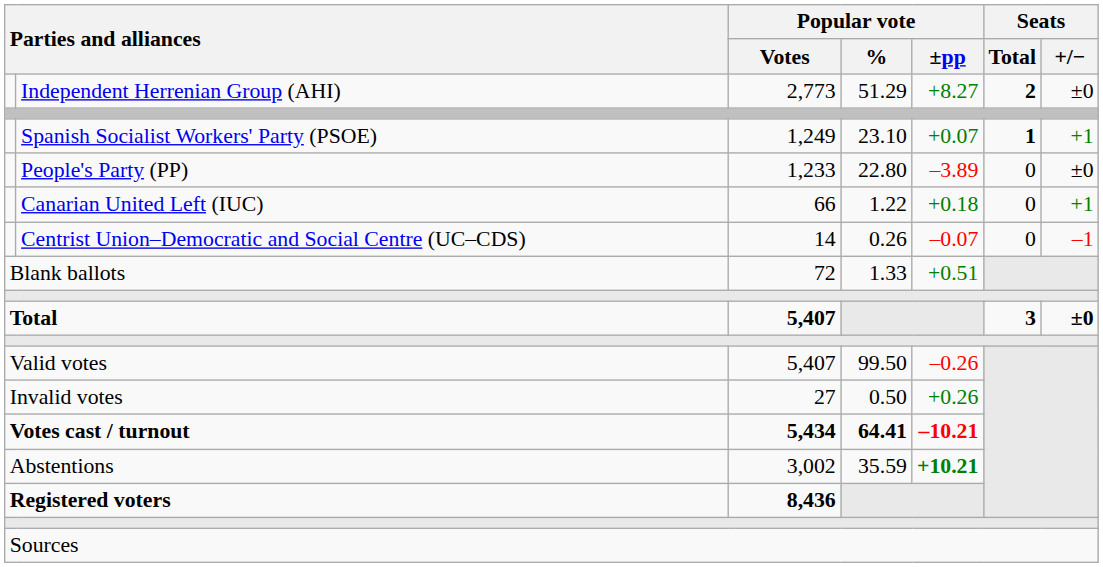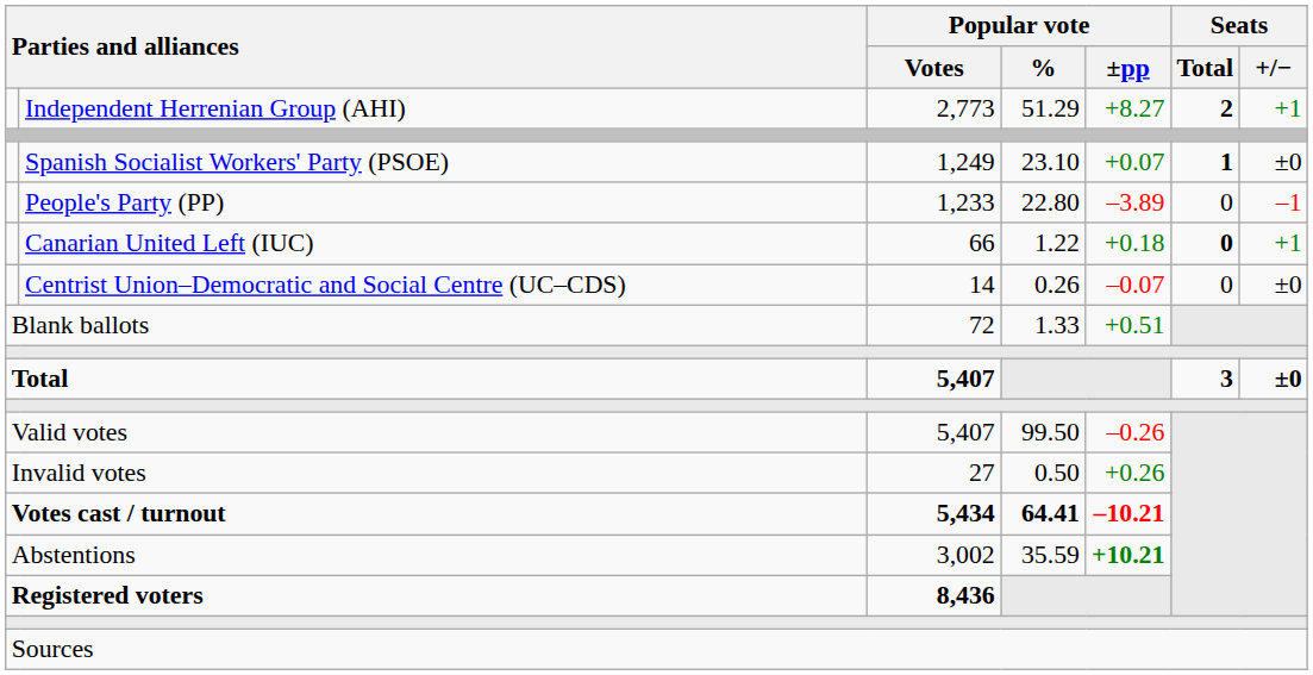 <table class="wikitable" style="text-align:right;">
 <tr>
 <th style="text-align:left;" rowspan="2" colspan="2" width="525">Parties and alliances</th>
 <th colspan="3">Popular vote</th>
 <th colspan="2">Seats</th>
 </tr>
 <tr>
 <th width="75">Votes</th>
 <th width="45">%</th>
 <th width="45">±<a href='#'>pp</a></th>
 <th width="35">Total</th>
 <th width="35">+/−</th>
 </tr>
 <tr>
 <td width="1" style="color:inherit;background:"></td>
 <td align="left"><a href='#'>Independent Herrenian Group</a> (AHI)</td>
 <td>2,773</td>
 <td>51.29</td>
 <td style="color:green;">+8.27</td>
 <td><strong>2</strong></td>
-<td>±0</td>
+<td style="color:green;">+1</td>
 </tr>
 <tr>
 <td colspan="7" bgcolor="#C0C0C0"></td>
 </tr>
 <tr>
 <td style="color:inherit;background:"></td>
 <td align="left"><a href='#'>Spanish Socialist Workers' Party</a> (PSOE)</td>
 <td>1,249</td>
 <td>23.10</td>
 <td style="color:green;">+0.07</td>
 <td><strong>1</strong></td>
-<td style="color:green;">+1</td>
+<td>±0</td>
 </tr>
 <tr>
 <td style="color:inherit;background:"></td>
 <td align="left"><a href='#'>People's Party</a> (PP)</td>
 <td>1,233</td>
 <td>22.80</td>
 <td style="color:red;">–3.89</td>
 <td>0</td>
-<td>±0</td>
+<td style="color:red;">–1</td>
 </tr>
 <tr>
 <td style="color:inherit;background:"></td>
 <td align="left"><a href='#'>Canarian United Left</a> (IUC)</td>
 <td>66</td>
 <td>1.22</td>
 <td style="color:green;">+0.18</td>
-<td>0</td>
+<td><strong>0</strong></td>
 <td style="color:green;">+1</td>
 </tr>
 <tr>
 <td style="color:inherit;background:"></td>
 <td align="left"><a href='#'>Centrist Union–Democratic and Social Centre</a> (UC–CDS)</td>
 <td>14</td>
 <td>0.26</td>
 <td style="color:red;">–0.07</td>
 <td>0</td>
-<td style="color:red;">–1</td>
+<td>±0</td>
 </tr>
 <tr>
 <td align="left" colspan="2">Blank ballots</td>
 <td>72</td>
 <td>1.33</td>
 <td style="color:green;">+0.51</td>
 <td bgcolor="#E9E9E9" colspan="2"></td>
 </tr>
 <tr>
 <td colspan="7" bgcolor="#E9E9E9"></td>
 </tr>
 <tr style="font-weight:bold;">
 <td align="left" colspan="2">Total</td>
 <td>5,407</td>
 <td bgcolor="#E9E9E9" colspan="2"></td>
 <td>3</td>
 <td>±0</td>
 </tr>
 <tr>
 <td colspan="7" bgcolor="#E9E9E9"></td>
 </tr>
 <tr>
 <td align="left" colspan="2">Valid votes</td>
 <td>5,407</td>
 <td>99.50</td>
 <td style="color:red;">–0.26</td>
 <td bgcolor="#E9E9E9" colspan="2" rowspan="5"></td>
 </tr>
 <tr>
 <td align="left" colspan="2">Invalid votes</td>
 <td>27</td>
 <td>0.50</td>
 <td style="color:green;">+0.26</td>
 </tr>
 <tr style="font-weight:bold;">
 <td align="left" colspan="2">Votes cast / turnout</td>
 <td>5,434</td>
 <td>64.41</td>
 <td style="color:red;">–10.21</td>
 </tr>
 <tr>
 <td align="left" colspan="2">Abstentions</td>
 <td>3,002</td>
 <td>35.59</td>
 <td style="color:green;"><strong>+10.21</strong></td>
 </tr>
 <tr style="font-weight:bold;">
 <td align="left" colspan="2">Registered voters</td>
 <td>8,436</td>
 <td bgcolor="#E9E9E9" colspan="2"></td>
 </tr>
 <tr>
 <td colspan="7" bgcolor="#E9E9E9"></td>
 </tr>
 <tr>
 <td align="left" colspan="7">Sources</td>
 </tr>
 </table>
